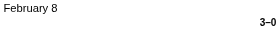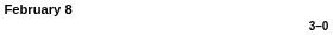 <table style="width:100%;" cellspacing="1">
 <tr>
 <th width=25%></th>
 <th width=2%></th>
 <th width=6%></th>
 <th width=2%></th>
 <th width=25%></th>
 </tr>
 <tr>
-<td>February 8</td>
+<td><strong>February 8</strong></td>
 </tr>
 <tr style=font-size:90%>
 <td align=right><strong></strong></td>
 <td></td>
 <td align=center><strong>3–0</strong></td>
 <td></td>
 <td><strong></strong></td>
 <td></td>
 </tr>
 </table>
